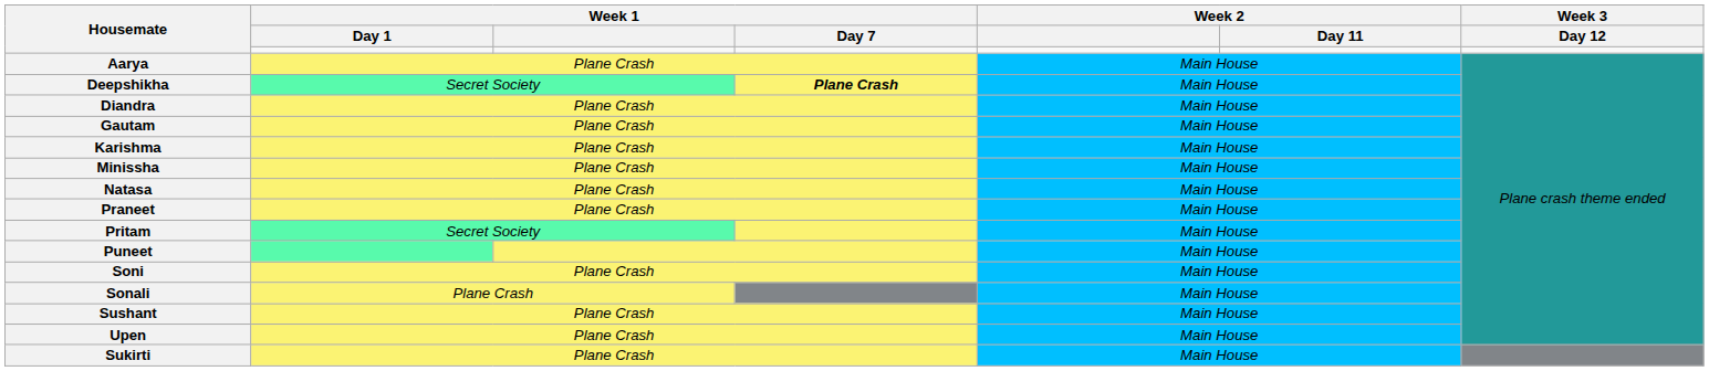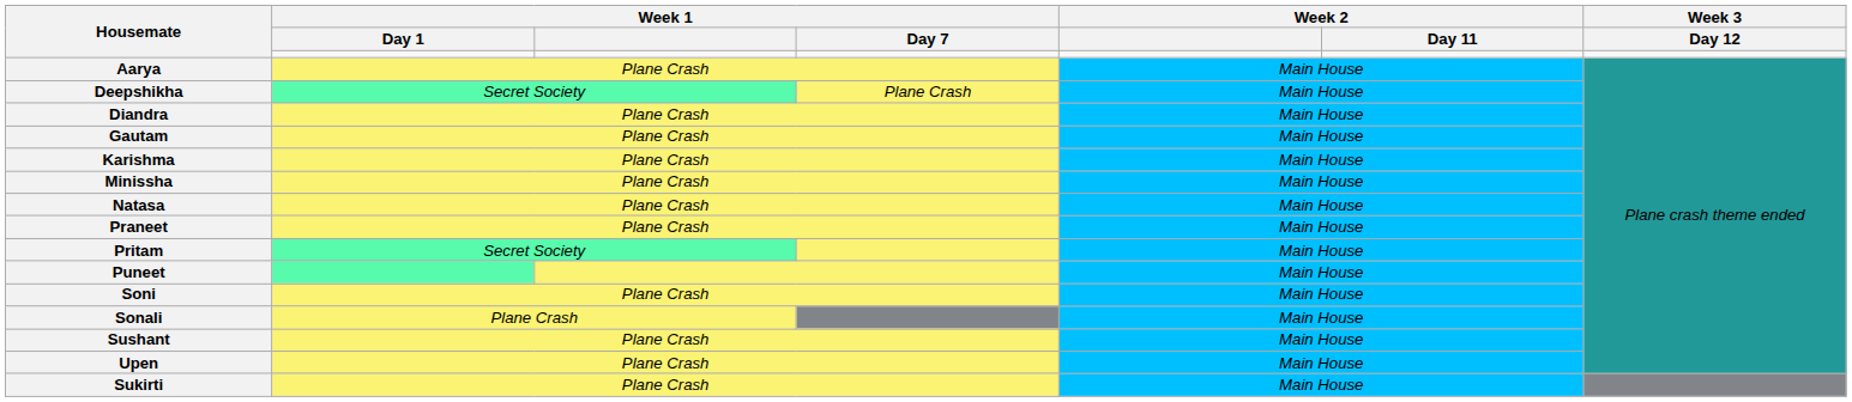 <table class="wikitable" style="text-align:center; width:100%; font-size:85%; font-family: sans-serif; line-height:13px;">
 <tr>
 <th rowspan="3" style="width: 5%;">Housemate</th>
 <th colspan="3" style="width: 5%;">Week 1</th>
 <th colspan="2" style="width: 5%;">Week 2</th>
 <th style="width: 5%;">Week 3</th>
 </tr>
 <tr>
 <th style="width: 5%;">Day 1</th>
 <th style="width: 5%;"></th>
 <th style="width: 5%;">Day 7</th>
 <th style="width: 5%;"></th>
 <th style="width: 5%;">Day 11</th>
 <th style="width: 5%;">Day 12</th>
 </tr>
 <tr>
 <td></td>
 <td></td>
 <td></td>
 <td></td>
 <td></td>
 <td></td>
 </tr>
 <tr>
 <th>Aarya</th>
 <td colspan="3" style="background:#FBF373;"><em>Plane Crash</em></td>
 <td colspan="2" style="background:#00BFFF;"><em>Main House</em></td>
 <td rowspan="14" style="background:#299;"><em>Plane crash theme ended</em></td>
 </tr>
 <tr>
 <th>Deepshikha</th>
 <td colspan="2" style="background:#58FAAC;"><em>Secret Society</em></td>
-<td style="background:#FBF373;"><strong><em>Plane Crash</em></strong></td>
+<td style="background:#FBF373;"><em>Plane Crash</em></td>
 <td colspan="2" style="background:#00BFFF;"><em>Main House</em></td>
 </tr>
 <tr>
 <th>Diandra</th>
 <td colspan="3" style="background:#FBF373;"><em>Plane Crash</em></td>
 <td colspan="2" style="background:#00BFFF;"><em>Main House</em></td>
 </tr>
 <tr>
 <th>Gautam</th>
 <td colspan="3" style="background:#FBF373;"><em>Plane Crash</em></td>
 <td colspan="2" style="background:#00BFFF;"><em>Main House</em></td>
 </tr>
 <tr>
 <th>Karishma</th>
 <td colspan="3" style="background:#FBF373;"><em>Plane Crash</em></td>
 <td colspan="2" style="background:#00BFFF;"><em>Main House</em></td>
 </tr>
 <tr>
 <th>Minissha</th>
 <td colspan="3" style="background:#FBF373;"><em>Plane Crash</em></td>
 <td colspan="2" style="background:#00BFFF;"><em>Main House</em></td>
 </tr>
 <tr>
 <th>Natasa</th>
 <td colspan="3" style="background:#FBF373;"><em>Plane Crash</em></td>
 <td colspan="2" style="background:#00BFFF;"><em>Main House</em></td>
 </tr>
 <tr>
 <th>Praneet</th>
 <td colspan="3" style="background:#FBF373;"><em>Plane Crash</em></td>
 <td colspan="2" style="background:#00BFFF;"><em>Main House</em></td>
 </tr>
 <tr>
 <th>Pritam</th>
 <td colspan="2" style="background:#58FAAC;"><em>Secret Society</em></td>
 <td style="background:#FBF373;"><em></em></td>
 <td colspan="2" style="background:#00BFFF;"><em>Main House</em></td>
 </tr>
 <tr>
 <th>Puneet</th>
 <td colspan="1" style="background:#58FAAC;"><em></em></td>
 <td colspan="2" style="background:#FBF373;"><em></em></td>
 <td colspan="2" style="background:#00BFFF;"><em>Main House</em></td>
 </tr>
 <tr>
 <th>Soni</th>
 <td colspan="3" style="background:#FBF373;"><em>Plane Crash</em></td>
 <td colspan="2" style="background:#00BFFF;"><em>Main House</em></td>
 </tr>
 <tr>
 <th>Sonali</th>
 <td colspan="2" style="background:#FBF373;"><em>Plane Crash</em></td>
 <td style="background:#818589; text-align:center;"></td>
 <td colspan="2" style="background:#00BFFF;"><em>Main House</em></td>
 </tr>
 <tr>
 <th>Sushant</th>
 <td colspan="3" style="background:#FBF373;"><em>Plane Crash</em></td>
 <td colspan="2" style="background:#00BFFF;"><em>Main House</em></td>
 </tr>
 <tr>
 <th>Upen</th>
 <td colspan="3" style="background:#FBF373;"><em>Plane Crash</em></td>
 <td colspan="2" style="background:#00BFFF;"><em>Main House</em></td>
 </tr>
 <tr>
 <th>Sukirti</th>
 <td colspan="3" style="background:#FBF373;"><em>Plane Crash</em></td>
 <td colspan="2" style="background:#00BFFF;"><em>Main House</em></td>
 <td style="background:#818589"></td>
 </tr>
 </table>
